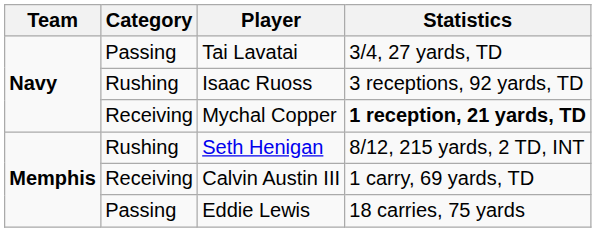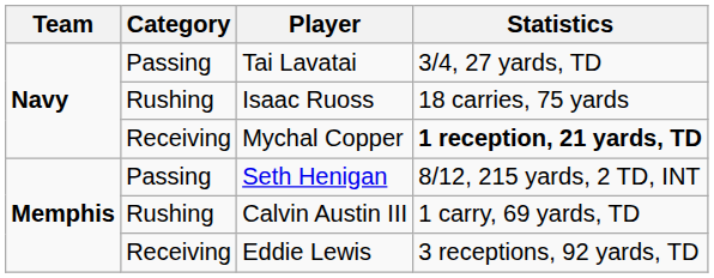 <table class="wikitable" style="float: left;">
 <tr>
 <th>Team</th>
 <th>Category</th>
 <th>Player</th>
 <th>Statistics</th>
 </tr>
 <tr>
 <td rowspan=3><strong>Navy</strong></td>
 <td>Passing</td>
 <td>Tai Lavatai</td>
 <td>3/4, 27 yards, TD</td>
 </tr>
 <tr>
 <td>Rushing</td>
 <td>Isaac Ruoss</td>
-<td>3 receptions, 92 yards, TD</td>
+<td>18 carries, 75 yards</td>
 </tr>
 <tr>
 <td>Receiving</td>
 <td>Mychal Copper</td>
 <td><strong>1 reception, 21 yards, TD</strong></td>
 </tr>
 <tr>
 <td rowspan=3><strong>Memphis</strong></td>
-<td>Rushing</td>
+<td>Passing</td>
 <td><a href='#'>Seth Henigan</a></td>
 <td>8/12, 215 yards, 2 TD, INT</td>
 </tr>
 <tr>
-<td>Receiving</td>
+<td>Rushing</td>
 <td>Calvin Austin III</td>
 <td>1 carry, 69 yards, TD</td>
 </tr>
 <tr>
-<td>Passing</td>
+<td>Receiving</td>
 <td>Eddie Lewis</td>
-<td>18 carries, 75 yards</td>
+<td>3 receptions, 92 yards, TD</td>
 </tr>
 </table>
